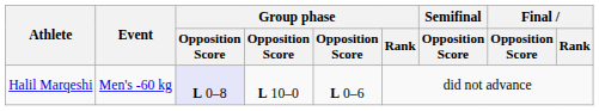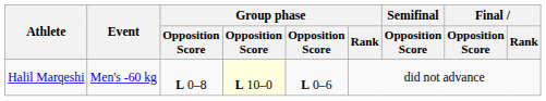 <table class="wikitable" style="font-size:90%">
 <tr>
 <th rowspan="2">Athlete</th>
 <th rowspan="2">Event</th>
 <th colspan="4">Group phase</th>
 <th>Semifinal</th>
 <th colspan=2>Final / </th>
 </tr>
 <tr style="font-size:95%">
 <th>Opposition <br> Score</th>
 <th>Opposition <br> Score</th>
 <th>Opposition <br> Score</th>
 <th>Rank</th>
 <th>Opposition <br> Score</th>
 <th>Opposition <br> Score</th>
 <th>Rank</th>
 </tr>
 <tr align=center>
 <td align=left><a href='#'>Halil Marqeshi</a></td>
 <td align=left><a href='#'>Men's -60 kg</a></td>
-<td style="background: lavender;"><br><strong>L</strong> 0–8</td>
-<td><br><strong>L</strong> 10–0</td>
+<td><br><strong>L</strong> 0–8</td>
+<td style="background: lightyellow;"><br><strong>L</strong> 10–0</td>
 <td><br><strong>L</strong> 0–6</td>
 <td colspan=4>did not advance</td>
 </tr>
 </table>
